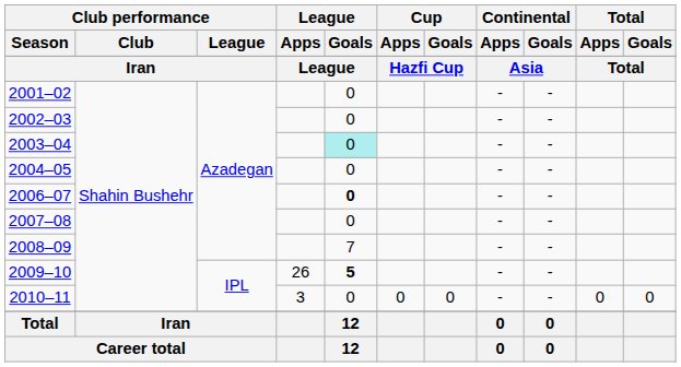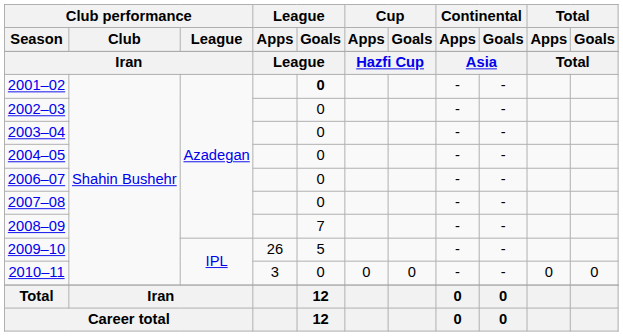 <table class="wikitable" style="text-align:center">
 <tr>
 <th colspan=3>Club performance</th>
 <th colspan=2>League</th>
 <th colspan=2>Cup</th>
 <th colspan=2>Continental</th>
 <th colspan=2>Total</th>
 </tr>
 <tr>
 <th>Season</th>
 <th>Club</th>
 <th>League</th>
 <th>Apps</th>
 <th>Goals</th>
 <th>Apps</th>
 <th>Goals</th>
 <th>Apps</th>
 <th>Goals</th>
 <th>Apps</th>
 <th>Goals</th>
 </tr>
 <tr>
 </tr>
 <tr>
 <th colspan=3>Iran</th>
 <th colspan=2>League</th>
 <th colspan=2><a href='#'>Hazfi Cup</a></th>
 <th colspan=2><a href='#'>Asia</a></th>
 <th colspan=2>Total</th>
 </tr>
 <tr>
 <td><a href='#'>2001–02</a></td>
 <td rowspan="9"><a href='#'>Shahin Bushehr</a></td>
 <td rowspan="7"><a href='#'>Azadegan</a></td>
 <td></td>
-<td>0</td>
+<td><strong>0</strong></td>
 <td></td>
 <td></td>
 <td>-</td>
 <td>-</td>
 <td></td>
 <td></td>
 </tr>
 <tr>
 <td><a href='#'>2002–03</a></td>
 <td></td>
 <td>0</td>
 <td></td>
 <td></td>
 <td>-</td>
 <td>-</td>
 <td></td>
 <td></td>
 </tr>
 <tr>
 <td><a href='#'>2003–04</a></td>
 <td></td>
-<td style="background: paleturquoise;">0</td>
+<td>0</td>
 <td></td>
 <td></td>
 <td>-</td>
 <td>-</td>
 <td></td>
 <td></td>
 </tr>
 <tr>
 <td><a href='#'>2004–05</a></td>
 <td></td>
 <td>0</td>
 <td></td>
 <td></td>
 <td>-</td>
 <td>-</td>
 <td></td>
 <td></td>
 </tr>
 <tr>
 <td><a href='#'>2006–07</a></td>
 <td></td>
-<td><strong>0</strong></td>
+<td>0</td>
 <td></td>
 <td></td>
 <td>-</td>
 <td>-</td>
 <td></td>
 <td></td>
 </tr>
 <tr>
 <td><a href='#'>2007–08</a></td>
 <td></td>
 <td>0</td>
 <td></td>
 <td></td>
 <td>-</td>
 <td>-</td>
 <td></td>
 <td></td>
 </tr>
 <tr>
 <td><a href='#'>2008–09</a></td>
 <td></td>
 <td>7</td>
 <td></td>
 <td></td>
 <td>-</td>
 <td>-</td>
 <td></td>
 <td></td>
 </tr>
 <tr>
 <td><a href='#'>2009–10</a></td>
 <td rowspan="2"><a href='#'>IPL</a></td>
 <td>26</td>
-<td><strong>5</strong></td>
+<td>5</td>
 <td></td>
 <td></td>
 <td>-</td>
 <td>-</td>
 <td></td>
 <td></td>
 </tr>
 <tr>
 <td><a href='#'>2010–11</a></td>
 <td>3</td>
 <td>0</td>
 <td>0</td>
 <td>0</td>
 <td>-</td>
 <td>-</td>
 <td>0</td>
 <td>0</td>
 </tr>
 <tr>
 </tr>
 <tr>
 <th rowspan=1>Total</th>
 <th colspan=2>Iran</th>
 <th></th>
 <th>12</th>
 <th></th>
 <th></th>
 <th>0</th>
 <th>0</th>
 <th></th>
 <th></th>
 </tr>
 <tr>
 <th colspan=3>Career total</th>
 <th></th>
 <th>12</th>
 <th></th>
 <th></th>
 <th>0</th>
 <th>0</th>
 <th></th>
 <th></th>
 </tr>
 </table>
